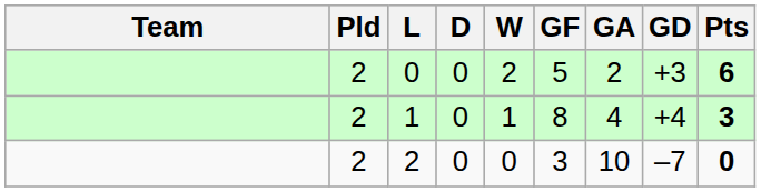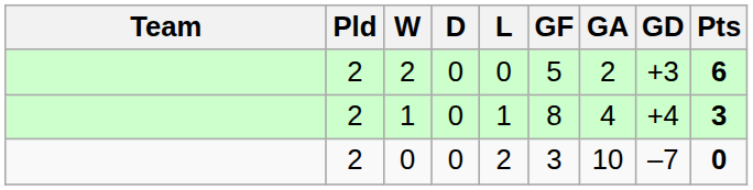 <table class=wikitable style="text-align:center">
 <tr>
 <th width=175>Team</th>
 <th width=20>Pld</th>
+<th width=20>W</th>
+<th width=20>D</th>
 <th width=20>L</th>
-<th width=20>D</th>
-<th width=20>W</th>
 <th width=20>GF</th>
 <th width=20>GA</th>
 <th width=20>GD</th>
 <th width=20>Pts</th>
 </tr>
 <tr style="background:#ccffcc">
 <td style="text-align:left"></td>
 <td>2</td>
+<td>2</td>
 <td>0</td>
 <td>0</td>
-<td>2</td>
 <td>5</td>
 <td>2</td>
 <td>+3</td>
 <td><strong>6</strong></td>
 </tr>
 <tr style="background:#ccffcc">
 <td style="text-align:left"></td>
 <td>2</td>
 <td>1</td>
 <td>0</td>
 <td>1</td>
 <td>8</td>
 <td>4</td>
 <td>+4</td>
 <td><strong>3</strong></td>
 </tr>
 <tr>
 <td style="text-align:left"></td>
 <td>2</td>
-<td>2</td>
 <td>0</td>
 <td>0</td>
+<td>2</td>
 <td>3</td>
 <td>10</td>
 <td>–7</td>
 <td><strong>0</strong></td>
 </tr>
 </table>
